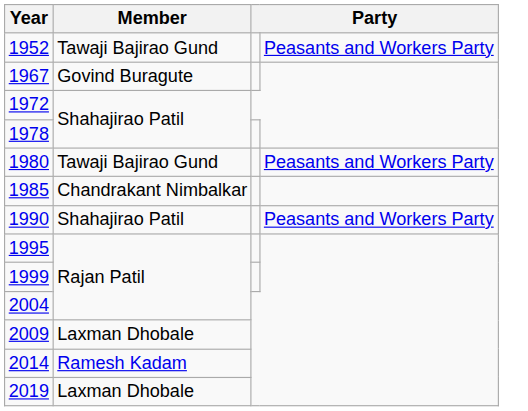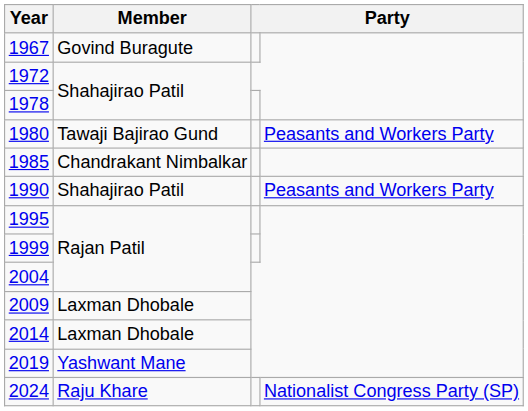 <table class="wikitable">
 <tr>
 <th>Year</th>
 <th>Member</th>
 <th colspan="2">Party</th>
-</tr>
-<tr>
-<td><a href='#'>1952</a></td>
-<td>Tawaji Bajirao Gund</td>
-<td style="background-color: "></td>
-<td><a href='#'>Peasants and Workers Party</a></td>
 </tr>
 <tr>
 <td><a href='#'>1967</a></td>
 <td>Govind Buragute</td>
 <td></td>
 </tr>
 <tr>
 <td><a href='#'>1972</a></td>
 <td rowspan="2">Shahajirao Patil</td>
 </tr>
 <tr>
 <td><a href='#'>1978</a></td>
 <td></td>
 </tr>
 <tr>
 <td><a href='#'>1980</a></td>
 <td>Tawaji Bajirao Gund</td>
 <td style="background-color: "></td>
 <td><a href='#'>Peasants and Workers Party</a></td>
 </tr>
 <tr>
 <td><a href='#'>1985</a></td>
 <td>Chandrakant Nimbalkar</td>
 <td></td>
 </tr>
 <tr>
 <td><a href='#'>1990</a></td>
 <td>Shahajirao Patil</td>
 <td style="background-color: "></td>
 <td><a href='#'>Peasants and Workers Party</a></td>
 </tr>
 <tr>
 <td><a href='#'>1995</a></td>
 <td rowspan="3">Rajan Patil</td>
 <td></td>
 </tr>
 <tr>
 <td><a href='#'>1999</a></td>
 <td></td>
 </tr>
 <tr>
 <td><a href='#'>2004</a></td>
 </tr>
 <tr>
 <td><a href='#'>2009</a></td>
 <td>Laxman Dhobale</td>
 </tr>
 <tr>
 <td><a href='#'>2014</a></td>
-<td><a href='#'>Ramesh Kadam</a></td>
+<td>Laxman Dhobale</td>
 </tr>
 <tr>
 <td><a href='#'>2019</a></td>
-<td>Laxman Dhobale</td>
+<td><a href='#'>Yashwant Mane</a></td>
+</tr>
+<tr>
+<td><a href='#'>2024</a></td>
+<td><a href='#'>Raju Khare</a></td>
+<td style="background-color: "></td>
+<td><a href='#'>Nationalist Congress Party (SP)</a></td>
 </tr>
 </table>
